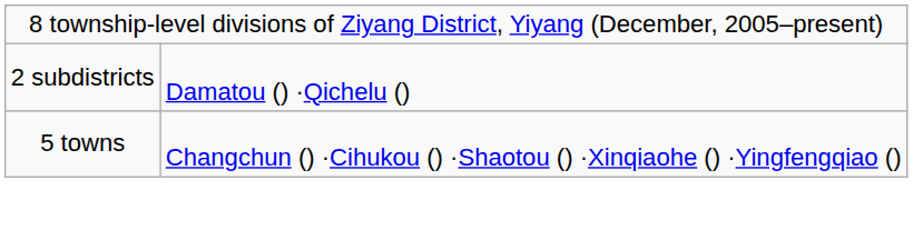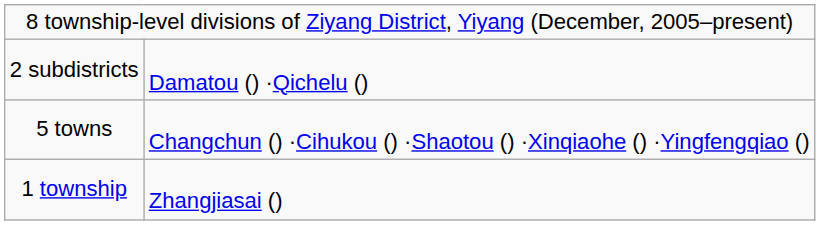 <table class="wikitable">
 <tr>
 <td style="text-align:center;" colspan="2">8 township-level divisions of <a href='#'>Ziyang District</a>, <a href='#'>Yiyang</a> (December, 2005–present)</td>
 </tr>
 <tr align=left>
 <td align=center>2 subdistricts</td>
 <td><br><a href='#'>Damatou</a> () ·<a href='#'>Qichelu</a> ()</td>
 </tr>
 <tr align=left>
 <td align=center>5 towns</td>
 <td><br><a href='#'>Changchun</a> () ·<a href='#'>Cihukou</a> () ·<a href='#'>Shaotou</a> () ·<a href='#'>Xinqiaohe</a> () ·<a href='#'>Yingfengqiao</a> ()</td>
 </tr>
+<tr align=left>
+<td align=center>1 <a href='#'>township</a></td>
+<td><br><a href='#'>Zhangjiasai</a> ()</td>
+</tr>
 </table>
